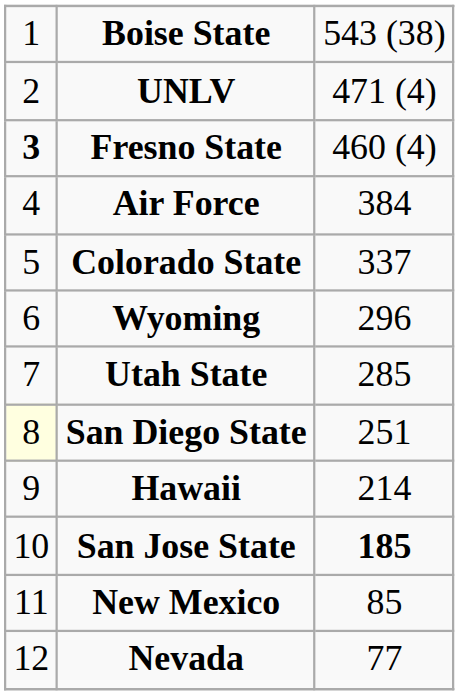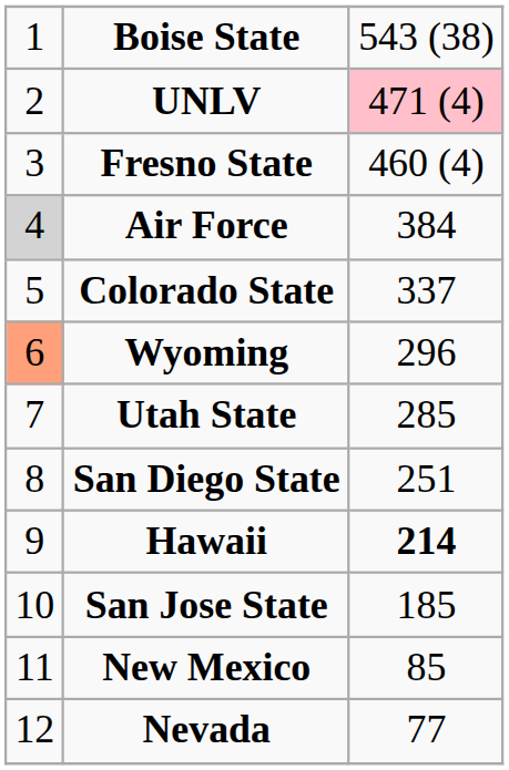 <table class="wikitable" style="display: inline-table;">
 <tr align="center">
 </tr>
 <tr align="center">
 <td>1</td>
 <td style=><strong>Boise State</strong></td>
 <td>543 (38)</td>
 </tr>
 <tr align="center">
 <td>2</td>
 <td style=><strong>UNLV</strong></td>
-<td>471 (4)</td>
+<td style="background: pink;">471 (4)</td>
 </tr>
 <tr align="center">
-<td><strong>3</strong></td>
+<td>3</td>
 <td style=><strong>Fresno State</strong></td>
 <td>460 (4)</td>
 </tr>
 <tr align="center">
-<td>4</td>
+<td style="background: lightgrey;">4</td>
 <td style=><strong>Air Force</strong></td>
 <td>384</td>
 </tr>
 <tr align="center">
 <td>5</td>
 <td style=><strong>Colorado State</strong></td>
 <td>337</td>
 </tr>
 <tr align="center">
-<td>6</td>
+<td style="background: lightsalmon;">6</td>
 <td style=><strong>Wyoming</strong></td>
 <td>296</td>
 </tr>
 <tr align="center">
 <td>7</td>
 <td style=><strong>Utah State</strong></td>
 <td>285</td>
 </tr>
 <tr align="center">
-<td style="background: lightyellow;">8</td>
+<td>8</td>
 <td style=><strong>San Diego State</strong></td>
 <td>251</td>
 </tr>
 <tr align="center">
 <td>9</td>
 <td style=><strong>Hawaii</strong></td>
-<td>214</td>
+<td><strong>214</strong></td>
 </tr>
 <tr align="center">
 <td>10</td>
 <td style=><strong>San Jose State</strong></td>
-<td><strong>185</strong></td>
+<td>185</td>
 </tr>
 <tr align="center">
 <td>11</td>
 <td style=><strong>New Mexico</strong></td>
 <td>85</td>
 </tr>
 <tr align="center">
 <td>12</td>
 <td style=><strong>Nevada</strong></td>
 <td>77</td>
 </tr>
 <tr>
 </tr>
 </table>
